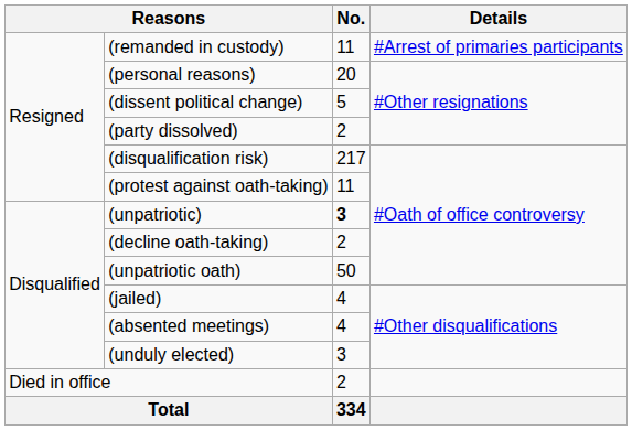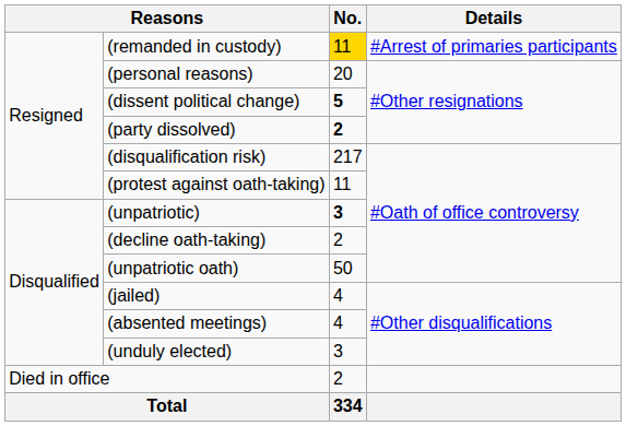 <table class="wikitable">
 <tr>
 <th colspan="2">Reasons</th>
 <th>No.</th>
 <th>Details</th>
 </tr>
 <tr>
 <td rowspan="6">Resigned</td>
 <td>(remanded in custody)</td>
-<td>11</td>
+<td style="background: gold;">11</td>
 <td><a href='#'>#Arrest of primaries participants</a></td>
 </tr>
 <tr>
 <td>(personal reasons)</td>
 <td>20</td>
 <td rowspan="3"><a href='#'>#Other resignations</a></td>
 </tr>
 <tr>
 <td>(dissent political change)</td>
-<td>5</td>
+<td><strong>5</strong></td>
 </tr>
 <tr>
 <td>(party dissolved)</td>
-<td>2</td>
+<td><strong>2</strong></td>
 </tr>
 <tr>
 <td>(disqualification risk)</td>
 <td>217</td>
 <td rowspan="5"><a href='#'>#Oath of office controversy</a></td>
 </tr>
 <tr>
 <td>(protest against oath-taking)</td>
 <td>11</td>
 </tr>
 <tr>
 <td rowspan="6">Disqualified</td>
 <td>(unpatriotic)</td>
 <td><strong>3</strong></td>
 </tr>
 <tr>
 <td>(decline oath-taking)</td>
 <td>2</td>
 </tr>
 <tr>
 <td>(unpatriotic oath)</td>
 <td>50</td>
 </tr>
 <tr>
 <td>(jailed)</td>
 <td>4</td>
 <td rowspan="3"><a href='#'>#Other disqualifications</a></td>
 </tr>
 <tr>
 <td>(absented meetings)</td>
 <td>4</td>
 </tr>
 <tr>
 <td>(unduly elected)</td>
 <td>3</td>
 </tr>
 <tr>
 <td colspan="2">Died in office</td>
 <td>2</td>
 <td></td>
 </tr>
 <tr>
 <th colspan="2">Total</th>
 <th>334</th>
 <th></th>
 </tr>
 </table>
